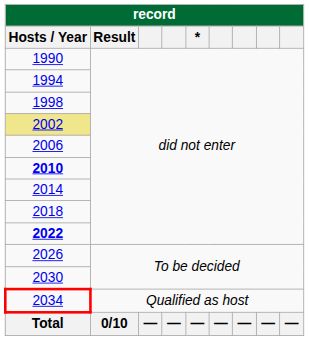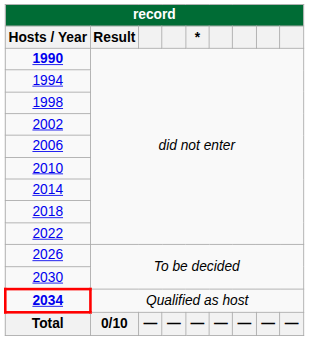 <table class="wikitable mw-collapsible" style="text-align: center;font-size:100%;">
 <tr>
 <th colspan="9" style="background: #006C35; color: white;"><a href='#'></a> record</th>
 </tr>
 <tr>
 <th>Hosts / Year</th>
 <th>Result</th>
 <th width="20"></th>
 <th width="20"></th>
 <th width="20">*</th>
 <th width="20"></th>
 <th width="20"></th>
 <th width="20"></th>
 <th width="20"></th>
 </tr>
 <tr>
-<td> <a href='#'>1990</a></td>
+<td><strong> <a href='#'>1990</a></strong></td>
 <td colspan="8" rowspan="9"><em>did not enter</em></td>
 </tr>
 <tr>
 <td> <a href='#'>1994</a></td>
 </tr>
 <tr>
 <td> <a href='#'>1998</a></td>
 </tr>
 <tr>
-<td style="background: khaki;"> <a href='#'>2002</a></td>
+<td> <a href='#'>2002</a></td>
 </tr>
 <tr>
 <td> <a href='#'>2006</a></td>
 </tr>
 <tr>
-<td><strong> <a href='#'>2010</a></strong></td>
+<td> <a href='#'>2010</a></td>
 </tr>
 <tr>
 <td> <a href='#'>2014</a></td>
 </tr>
 <tr>
 <td> <a href='#'>2018</a></td>
 </tr>
 <tr>
-<td><strong> <a href='#'>2022</a></strong></td>
+<td> <a href='#'>2022</a></td>
 </tr>
 <tr>
 <td> <a href='#'>2026</a></td>
 <td colspan="8" rowspan="2"><em>To be decided</em></td>
 </tr>
 <tr>
 <td> <a href='#'>2030</a></td>
 </tr>
 <tr>
-<td style="border: 3px solid red"> <a href='#'>2034</a></td>
+<td style="border: 3px solid red"><strong> <a href='#'>2034</a></strong></td>
 <td colspan="8"><em>Qualified as host</em></td>
 </tr>
 <tr>
 <th>Total</th>
 <th>0/10</th>
 <th>—</th>
 <th>—</th>
 <th>—</th>
 <th>—</th>
 <th>—</th>
 <th>—</th>
 <th>—</th>
 </tr>
 </table>
